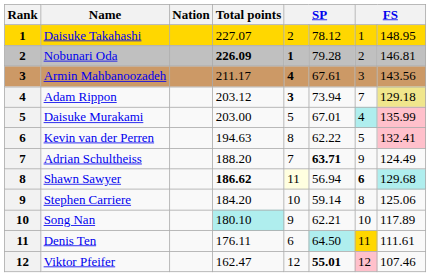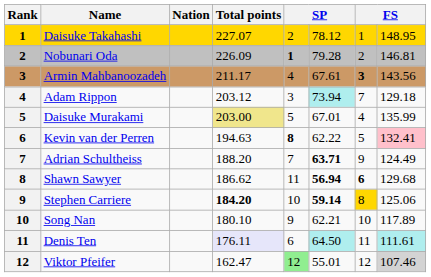 <table class="wikitable sortable">
 <tr>
 <th>Rank</th>
 <th>Name</th>
 <th>Nation</th>
 <th>Total points</th>
 <th colspan="2" width="80px"><a href='#'>SP</a></th>
 <th colspan="2" width="80px"><a href='#'>FS</a></th>
 </tr>
 <tr bgcolor="gold">
 <td align="center"><strong>1</strong></td>
 <td><a href='#'>Daisuke Takahashi</a></td>
 <td></td>
 <td>227.07</td>
 <td>2</td>
 <td>78.12</td>
 <td>1</td>
 <td>148.95</td>
 </tr>
 <tr bgcolor="silver">
 <td align="center"><strong>2</strong></td>
 <td><a href='#'>Nobunari Oda</a></td>
 <td></td>
-<td><strong>226.09</strong></td>
+<td>226.09</td>
 <td><strong>1</strong></td>
 <td>79.28</td>
 <td>2</td>
 <td>146.81</td>
 </tr>
 <tr bgcolor="cc9966">
 <td align="center"><strong>3</strong></td>
 <td><a href='#'>Armin Mahbanoozadeh</a></td>
 <td></td>
 <td>211.17</td>
-<td><strong>4</strong></td>
+<td>4</td>
 <td>67.61</td>
-<td>3</td>
+<td><strong>3</strong></td>
 <td>143.56</td>
 </tr>
 <tr>
 <th>4</th>
 <td><a href='#'>Adam Rippon</a></td>
 <td></td>
 <td>203.12</td>
-<td><strong>3</strong></td>
-<td>73.94</td>
+<td>3</td>
+<td style="background: paleturquoise;">73.94</td>
 <td>7</td>
-<td style="background: khaki;">129.18</td>
+<td>129.18</td>
 </tr>
 <tr>
 <th>5</th>
 <td><a href='#'>Daisuke Murakami</a></td>
 <td></td>
-<td>203.00</td>
+<td style="background: khaki;">203.00</td>
 <td>5</td>
 <td>67.01</td>
-<td style="background: paleturquoise;">4</td>
-<td style="background: pink;">135.99</td>
+<td>4</td>
+<td>135.99</td>
 </tr>
 <tr>
 <th>6</th>
 <td><a href='#'>Kevin van der Perren</a></td>
 <td></td>
 <td>194.63</td>
-<td>8</td>
+<td><strong>8</strong></td>
 <td>62.22</td>
 <td>5</td>
 <td style="background: pink;">132.41</td>
 </tr>
 <tr>
 <th>7</th>
 <td><a href='#'>Adrian Schultheiss</a></td>
 <td></td>
 <td>188.20</td>
 <td>7</td>
 <td><strong>63.71</strong></td>
 <td>9</td>
 <td>124.49</td>
 </tr>
 <tr>
 <th>8</th>
 <td><a href='#'>Shawn Sawyer</a></td>
 <td></td>
-<td><strong>186.62</strong></td>
-<td style="background: lightyellow;">11</td>
-<td>56.94</td>
+<td>186.62</td>
+<td>11</td>
+<td><strong>56.94</strong></td>
 <td><strong>6</strong></td>
-<td style="background: paleturquoise;">129.68</td>
+<td>129.68</td>
 </tr>
 <tr>
 <th>9</th>
 <td><a href='#'>Stephen Carriere</a></td>
 <td></td>
-<td>184.20</td>
+<td><strong>184.20</strong></td>
 <td>10</td>
-<td>59.14</td>
-<td>8</td>
+<td><strong>59.14</strong></td>
+<td style="background: gold;">8</td>
 <td>125.06</td>
 </tr>
 <tr>
 <th>10</th>
 <td><a href='#'>Song Nan</a></td>
 <td></td>
-<td style="background: paleturquoise;">180.10</td>
+<td>180.10</td>
 <td>9</td>
 <td>62.21</td>
 <td>10</td>
 <td>117.89</td>
 </tr>
 <tr>
 <th>11</th>
 <td><a href='#'>Denis Ten</a></td>
 <td></td>
-<td>176.11</td>
+<td style="background: lavender;">176.11</td>
 <td>6</td>
 <td style="background: paleturquoise;">64.50</td>
-<td style="background: gold;">11</td>
-<td>111.61</td>
+<td>11</td>
+<td style="background: paleturquoise;">111.61</td>
 </tr>
 <tr>
 <th>12</th>
 <td><a href='#'>Viktor Pfeifer</a></td>
 <td></td>
 <td>162.47</td>
+<td style="background: lightgreen;">12</td>
+<td>55.01</td>
 <td>12</td>
-<td><strong>55.01</strong></td>
-<td style="background: pink;">12</td>
-<td>107.46</td>
+<td style="background: lightgrey;">107.46</td>
 </tr>
 </table>
